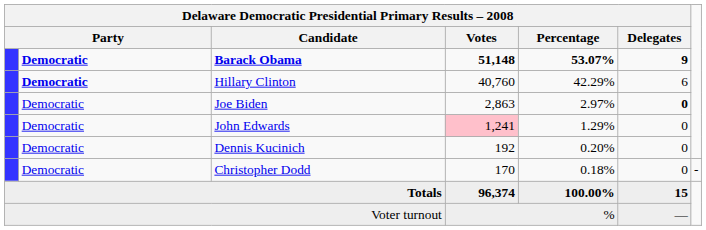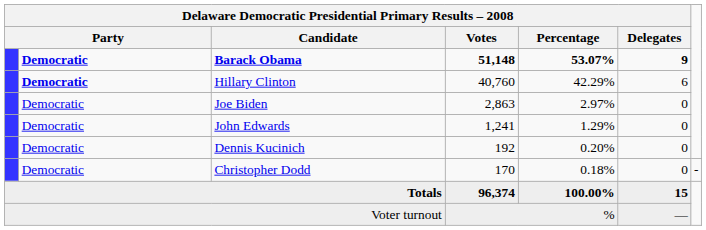 <table class="wikitable" style="font-size:95%;">
 <tr>
 <th colspan="6">Delaware Democratic Presidential Primary Results – 2008</th>
 </tr>
 <tr>
 <th colspan="2" style="width: 15em">Party</th>
 <th style="width: 17em">Candidate</th>
 <th style="width: 5em">Votes</th>
 <th style="width: 7em">Percentage</th>
 <th style="width: 5em">Delegates</th>
 </tr>
 <tr>
 <th style="background-color:#3333FF; width: 3px"></th>
 <td style="width: 130px"><strong><a href='#'>Democratic</a></strong></td>
 <td><strong><a href='#'>Barack Obama</a></strong></td>
 <td align="right"><strong>51,148</strong></td>
 <td align="right"><strong>53.07%</strong></td>
 <td align="right"><strong>9</strong></td>
 </tr>
 <tr>
 <th style="background-color:#3333FF; width: 3px"></th>
 <td style="width: 130px"><strong><a href='#'>Democratic</a></strong></td>
 <td><a href='#'>Hillary Clinton</a></td>
 <td align="right">40,760</td>
 <td align="right">42.29%</td>
 <td align="right">6</td>
 </tr>
 <tr>
 <th style="background-color:#3333FF; width: 3px"></th>
 <td style="width: 130px"><a href='#'>Democratic</a></td>
 <td><a href='#'>Joe Biden</a></td>
 <td align="right">2,863</td>
 <td align="right">2.97%</td>
-<td align="right"><strong>0</strong></td>
+<td align="right">0</td>
 </tr>
 <tr>
 <th style="background-color:#3333FF; width: 3px"></th>
 <td style="width: 130px"><a href='#'>Democratic</a></td>
 <td><a href='#'>John Edwards</a></td>
-<td align="right" style="background: pink;">1,241</td>
+<td align="right">1,241</td>
 <td align="right">1.29%</td>
 <td align="right">0</td>
 </tr>
 <tr>
 <th style="background-color:#3333FF; width: 3px"></th>
 <td style="width: 130px"><a href='#'>Democratic</a></td>
 <td><a href='#'>Dennis Kucinich</a></td>
 <td align="right">192</td>
 <td align="right">0.20%</td>
 <td align="right">0</td>
 </tr>
 <tr>
 <th style="background-color:#3333FF; width: 3px"></th>
 <td style="width: 130px"><a href='#'>Democratic</a></td>
 <td><a href='#'>Christopher Dodd</a></td>
 <td align="right">170</td>
 <td align="right">0.18%</td>
 <td align="right">0</td>
 <td>-</td>
 </tr>
 <tr bgcolor="#EEEEEE">
 <td colspan="3" align="right"><strong>Totals</strong></td>
 <td align="right"><strong>96,374</strong></td>
 <td align="right"><strong>100.00%</strong></td>
 <td align="right"><strong>15</strong></td>
 </tr>
 <tr bgcolor="#EEEEEE">
 <td colspan="3" align="right">Voter turnout</td>
 <td colspan="2" align="right">%</td>
 <td align="right">—</td>
 </tr>
 </table>
